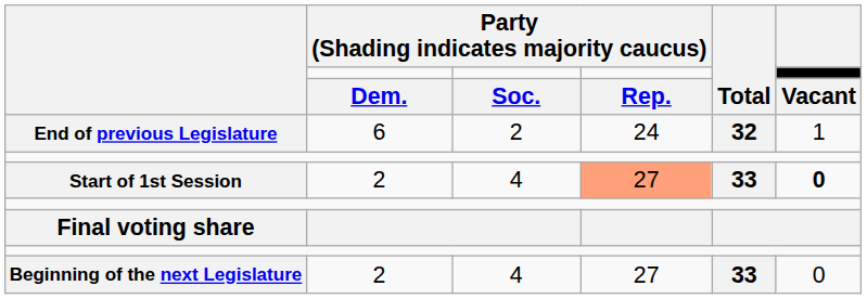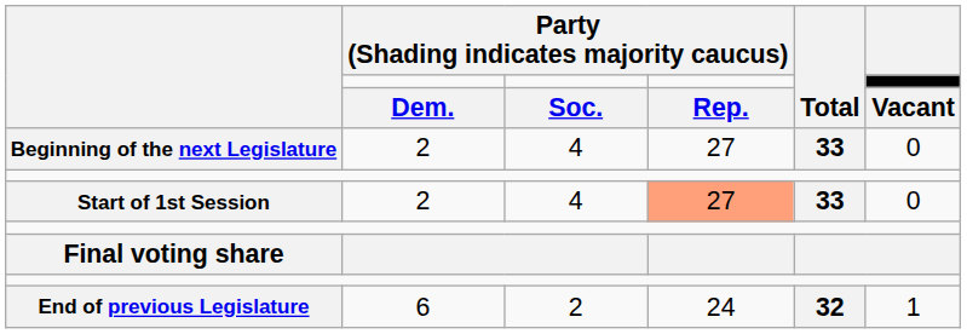 <table class=wikitable style="text-align:center">
 <tr style="vertical-align:bottom;">
 <th rowspan=3></th>
 <th colspan=3>Party <div>(Shading indicates majority caucus)</div></th>
 <th rowspan=3>Total</th>
 <th></th>
 </tr>
 <tr style="height:5px">
 <td style="background-color:"></td>
 <td style="background-color:"></td>
 <td style="background-color:"></td>
 <td style="background:black;"></td>
 </tr>
 <tr>
 <th><a href='#'>Dem.</a></th>
 <th><a href='#'>Soc.</a></th>
 <th><a href='#'>Rep.</a></th>
 <th>Vacant</th>
 </tr>
 <tr>
-<th style="font-size:80%;">End of <a href='#'>previous Legislature</a></th>
-<td>6</td>
+<th style="font-size:80%;">Beginning of the <a href='#'>next Legislature</a></th>
 <td>2</td>
-<td>24</td>
-<th>32</th>
-<td>1</td>
+<td>4</td>
+<td>27</td>
+<th>33</th>
+<td>0</td>
 </tr>
 <tr>
 <td colspan=6></td>
 </tr>
 <tr>
 <th style="font-size:80%;">Start of 1st Session</th>
 <td>2</td>
 <td>4</td>
 <td style="background: lightsalmon;">27</td>
 <th>33</th>
-<td><strong>0</strong></td>
+<td>0</td>
 </tr>
 <tr>
 <td colspan=6></td>
 </tr>
 <tr>
 <th>Final voting share</th>
 <th colspan=2></th>
 <th></th>
 <th colspan=2></th>
 </tr>
 <tr>
 <td colspan=6></td>
 </tr>
 <tr>
-<th style="font-size:80%;">Beginning of the <a href='#'>next Legislature</a></th>
+<th style="font-size:80%;">End of <a href='#'>previous Legislature</a></th>
+<td>6</td>
 <td>2</td>
-<td>4</td>
-<td>27</td>
-<th>33</th>
-<td>0</td>
+<td>24</td>
+<th>32</th>
+<td>1</td>
 </tr>
 </table>
